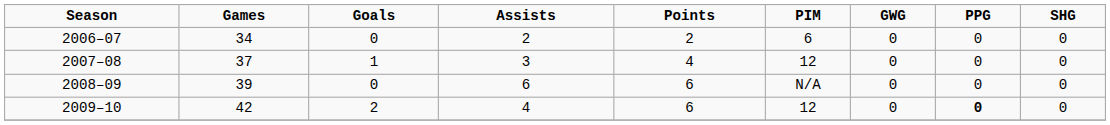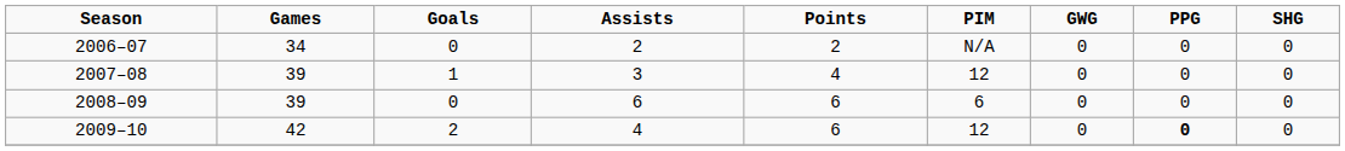 <table class="wikitable" width="80%">
 <tr align="center">
 <td><strong>Season</strong></td>
 <td><strong>Games</strong></td>
 <td><strong>Goals</strong></td>
 <td><strong>Assists</strong></td>
 <td><strong>Points</strong></td>
 <td><strong>PIM</strong></td>
 <td><strong>GWG</strong></td>
 <td><strong>PPG</strong></td>
 <td><strong>SHG</strong></td>
 </tr>
 <tr align="center" bgcolor="">
 <td>2006–07</td>
 <td>34</td>
 <td>0</td>
 <td>2</td>
 <td>2</td>
-<td>6</td>
+<td>N/A</td>
 <td>0</td>
 <td>0</td>
 <td>0</td>
 </tr>
 <tr align="center" bgcolor="">
 <td>2007–08</td>
-<td>37</td>
+<td>39</td>
 <td>1</td>
 <td>3</td>
 <td>4</td>
 <td>12</td>
 <td>0</td>
 <td>0</td>
 <td>0</td>
 </tr>
 <tr align="center" bgcolor="">
 <td>2008–09</td>
 <td>39</td>
 <td>0</td>
 <td>6</td>
 <td>6</td>
-<td>N/A</td>
+<td>6</td>
 <td>0</td>
 <td>0</td>
 <td>0</td>
 </tr>
 <tr align="center" bgcolor="">
 <td>2009–10</td>
 <td>42</td>
 <td>2</td>
 <td>4</td>
 <td>6</td>
 <td>12</td>
 <td>0</td>
 <td><strong>0</strong></td>
 <td>0</td>
 </tr>
 <tr align="center" bgcolor="">
 </tr>
 </table>
